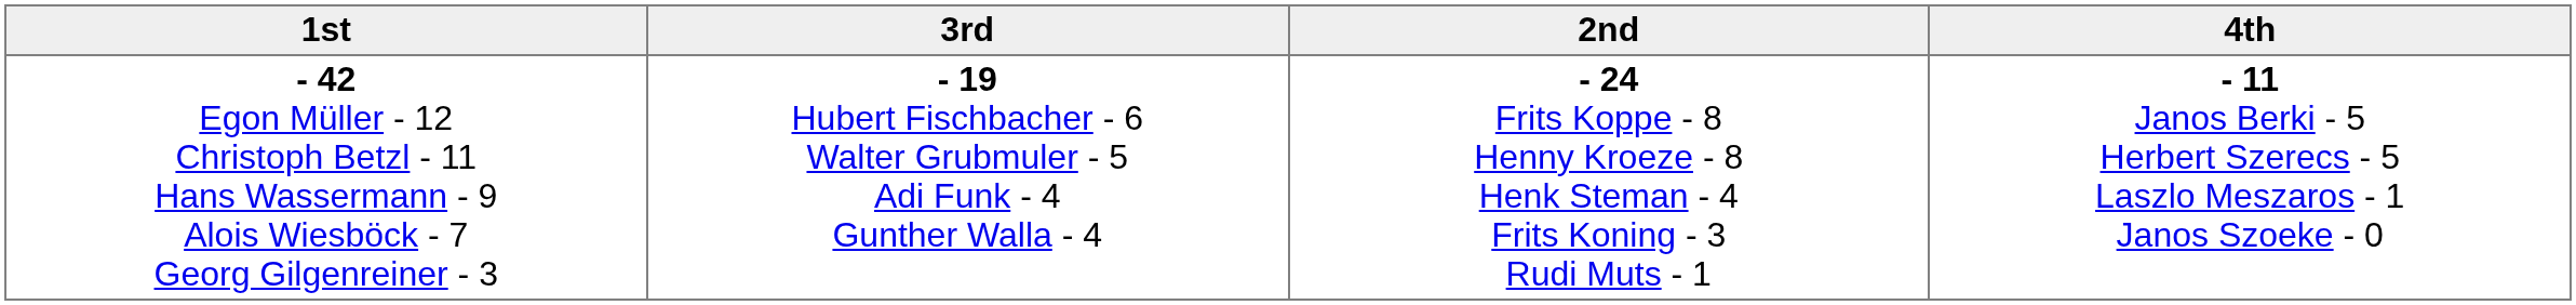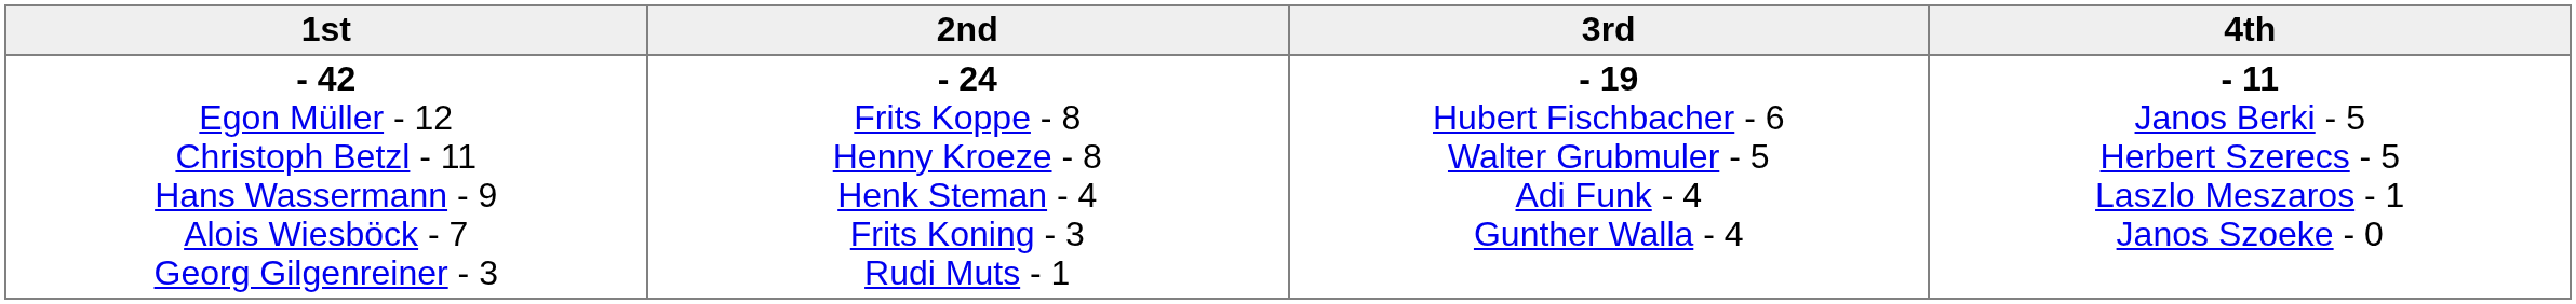 <table border=1 cellpadding=2 cellspacing=0 width=75% style="border-collapse:collapse">
 <tr align=center style="background:#efefef;">
 <th width=20% >1st</th>
+<th width=20% >2nd</th>
 <th width=20% >3rd</th>
-<th width=20% >2nd</th>
 <th width=20%>4th</th>
 </tr>
 <tr align=center>
 <td valign=top ><strong> - 42</strong><br><a href='#'>Egon Müller</a> - 12<br><a href='#'>Christoph Betzl</a> - 11<br><a href='#'>Hans Wassermann</a> - 9<br><a href='#'>Alois Wiesböck</a> - 7<br><a href='#'>Georg Gilgenreiner</a> - 3</td>
+<td valign=top ><strong> - 24</strong><br><a href='#'>Frits Koppe</a> - 8<br><a href='#'>Henny Kroeze</a> - 8<br><a href='#'>Henk Steman</a> - 4<br><a href='#'>Frits Koning</a> - 3<br><a href='#'>Rudi Muts</a> - 1</td>
 <td valign=top ><strong> - 19</strong><br><a href='#'>Hubert Fischbacher</a> - 6<br><a href='#'>Walter Grubmuler</a> - 5<br><a href='#'>Adi Funk</a> - 4<br><a href='#'>Gunther Walla</a> - 4</td>
-<td valign=top ><strong> - 24</strong><br><a href='#'>Frits Koppe</a> - 8<br><a href='#'>Henny Kroeze</a> - 8<br><a href='#'>Henk Steman</a> - 4<br><a href='#'>Frits Koning</a> - 3<br><a href='#'>Rudi Muts</a> - 1</td>
 <td valign=top><strong> - 11</strong><br><a href='#'>Janos Berki</a> - 5<br><a href='#'>Herbert Szerecs</a> - 5<br><a href='#'>Laszlo Meszaros</a> - 1<br><a href='#'>Janos Szoeke</a>  - 0</td>
 </tr>
 </table>
